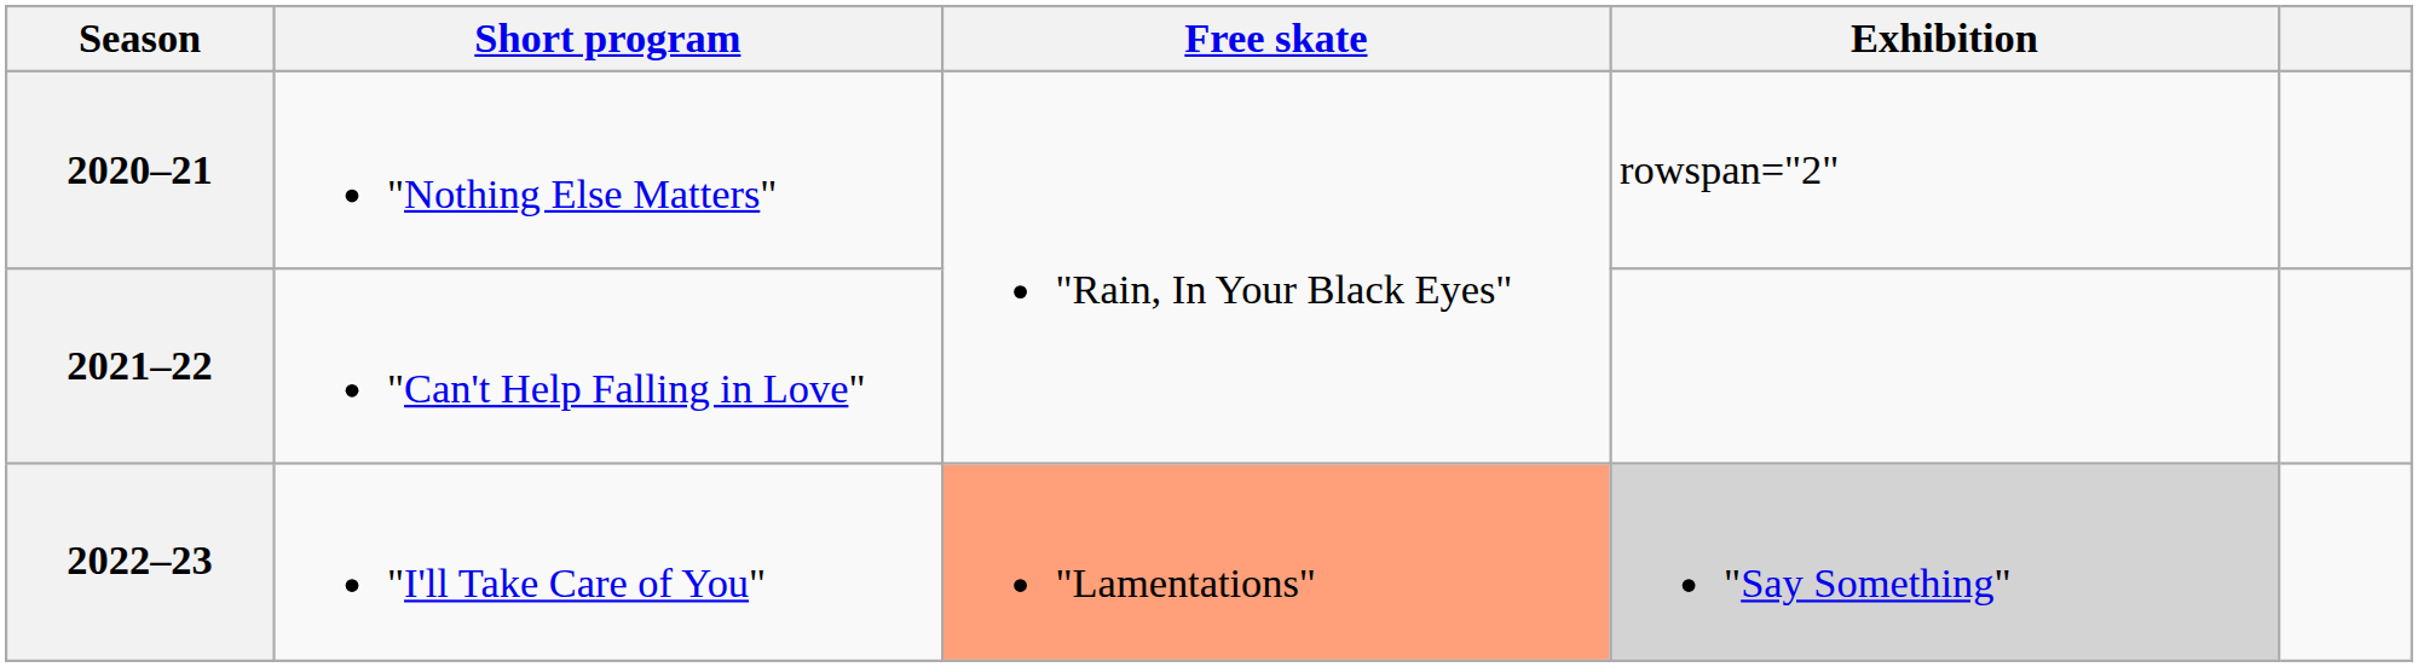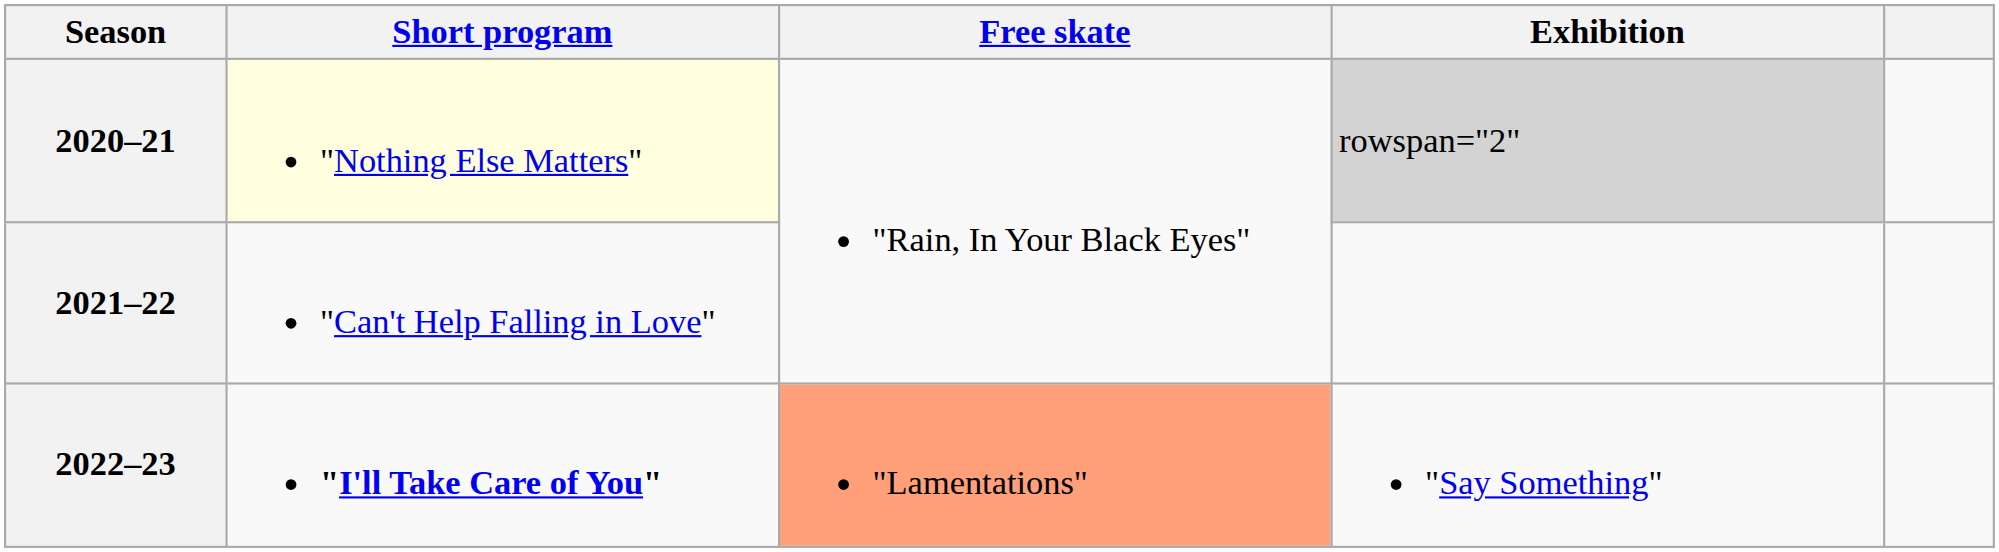 <table class="wikitable unsortable" style="text-align:left">
 <tr>
 <th scope="col" style="text-align:center; width:10%">Season</th>
 <th scope="col" style="text-align:center; width:25%"><a href='#'>Short program</a></th>
 <th scope="col" style="text-align:center; width:25%"><a href='#'>Free skate</a></th>
 <th scope="col" style="text-align:center; width:25%">Exhibition</th>
 <th scope="col" style="text-align:center; width:5%"></th>
 </tr>
 <tr>
 <th scope="row">2020–21</th>
-<td><br><ul><li>"<a href='#'>Nothing Else Matters</a>"<br></li></ul></td>
+<td style="background: lightyellow;"><br><ul><li>"<a href='#'>Nothing Else Matters</a>"<br></li></ul></td>
 <td rowspan="2"><br><ul><li>"Rain, In Your Black Eyes"<br></li></ul></td>
-<td>rowspan="2" </td>
+<td style="background: lightgrey;">rowspan="2" </td>
 <td></td>
 </tr>
 <tr>
 <th scope="row">2021–22</th>
 <td><br><ul><li>"<a href='#'>Can't Help Falling in Love</a>"<br></li></ul></td>
 <td></td>
 </tr>
 <tr>
 <th scope="row">2022–23</th>
-<td><br><ul><li>"<a href='#'>I'll Take Care of You</a>"<br></li></ul></td>
+<td><strong><br><ul><li>"<a href='#'>I'll Take Care of You</a>"<br></li></ul></strong></td>
 <td style="background: lightsalmon;"><br><ul><li>"Lamentations"<br></li></ul></td>
-<td style="background: lightgrey;"><br><ul><li>"<a href='#'>Say Something</a>"<br></li></ul></td>
+<td><br><ul><li>"<a href='#'>Say Something</a>"<br></li></ul></td>
 <td></td>
 </tr>
 </table>
